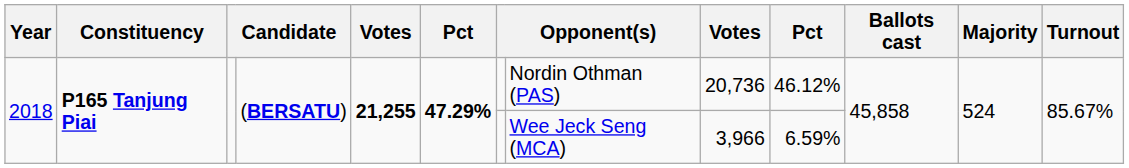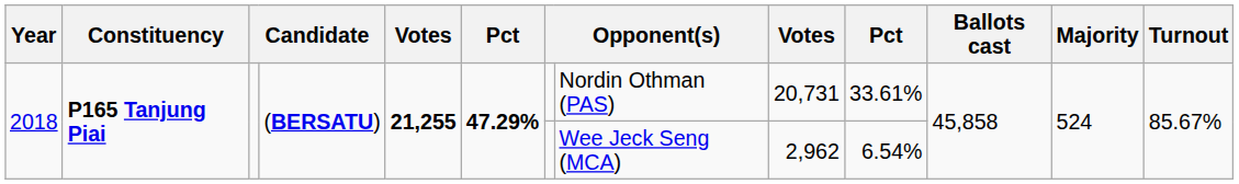 <table class="wikitable" style="margin:0.5em ; font-size:95%">
 <tr>
 <th>Year</th>
 <th>Constituency</th>
 <th colspan=2>Candidate</th>
 <th>Votes</th>
 <th>Pct</th>
 <th colspan=2>Opponent(s)</th>
 <th>Votes</th>
 <th>Pct</th>
 <th>Ballots cast</th>
 <th>Majority</th>
 <th>Turnout</th>
 </tr>
 <tr>
 <td rowspan=2><a href='#'>2018</a></td>
 <td rowspan=2><strong>P165 <a href='#'>Tanjung Piai</a></strong></td>
 <td rowspan=2 ></td>
 <td rowspan=2> (<a href='#'><strong>BERSATU</strong></a>)</td>
 <td rowspan=2 align="right"><strong>21,255</strong></td>
 <td rowspan=2><strong>47.29%</strong></td>
 <td></td>
 <td>Nordin Othman (<a href='#'>PAS</a>)</td>
-<td align="right">20,736</td>
-<td>46.12%</td>
+<td align="right">20,731</td>
+<td>33.61%</td>
 <td rowspan=2>45,858</td>
 <td rowspan=2>524</td>
 <td rowspan=2>85.67%</td>
 </tr>
 <tr>
 <td></td>
 <td><a href='#'>Wee Jeck Seng</a> (<a href='#'>MCA</a>)</td>
-<td align="right">3,966</td>
-<td align=right>6.59%</td>
+<td align="right">2,962</td>
+<td align=right>6.54%</td>
 </tr>
 </table>
